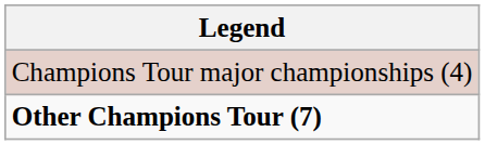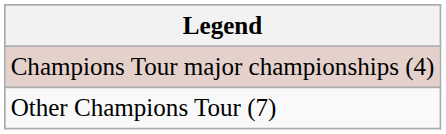 <table class="wikitable" style="font-size:95%;">
 <tr>
 <th>Legend</th>
 </tr>
 <tr style="background:#e5d1cb;">
 <td>Champions Tour major championships (4)</td>
 </tr>
 <tr>
-<td><strong>Other Champions Tour (7)</strong></td>
+<td>Other Champions Tour (7)</td>
 </tr>
 </table>
